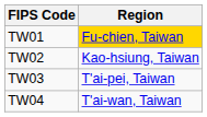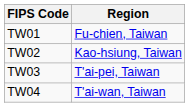 <table class="wikitable">
 <tr>
 <th>FIPS Code</th>
 <th>Region</th>
 </tr>
 <tr>
 <td>TW01</td>
-<td style="background: gold;"><a href='#'>Fu-chien, Taiwan</a></td>
+<td><a href='#'>Fu-chien, Taiwan</a></td>
 </tr>
 <tr>
 <td>TW02</td>
 <td><a href='#'>Kao-hsiung, Taiwan</a></td>
 </tr>
 <tr>
 <td>TW03</td>
 <td><a href='#'>T'ai-pei, Taiwan</a></td>
 </tr>
 <tr>
 <td>TW04</td>
 <td><a href='#'>T'ai-wan, Taiwan</a></td>
 </tr>
 </table>
